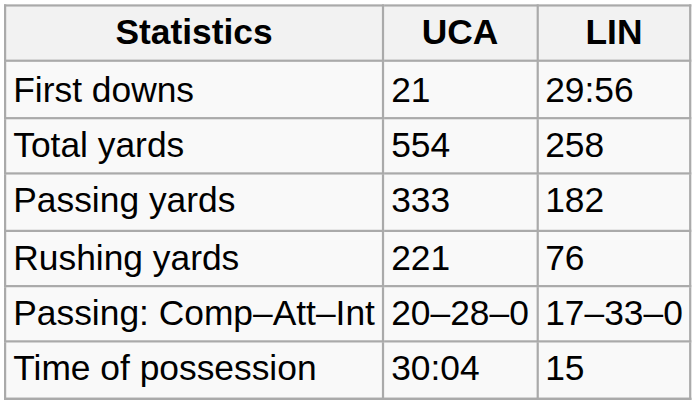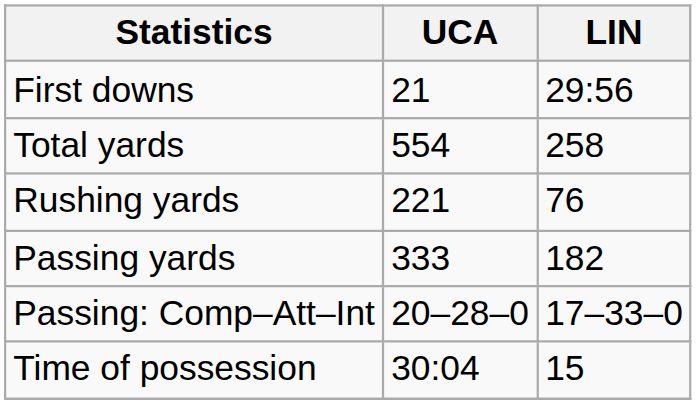 <table class="wikitable" style="float: left;">
 <tr>
 <th>Statistics</th>
 <th>UCA</th>
 <th>LIN</th>
 </tr>
 <tr>
 <td>First downs</td>
 <td>21</td>
 <td>29:56</td>
 </tr>
 <tr>
 <td>Total yards</td>
 <td>554</td>
 <td>258</td>
 </tr>
 <tr>
+<td>Rushing yards</td>
+<td>221</td>
+<td>76</td>
+</tr>
+<tr>
 <td>Passing yards</td>
 <td>333</td>
 <td>182</td>
-</tr>
-<tr>
-<td>Rushing yards</td>
-<td>221</td>
-<td>76</td>
 </tr>
 <tr>
 <td>Passing: Comp–Att–Int</td>
 <td>20–28–0</td>
 <td>17–33–0</td>
 </tr>
 <tr>
 <td>Time of possession</td>
 <td>30:04</td>
 <td>15</td>
 </tr>
 <tr>
 </tr>
 </table>
